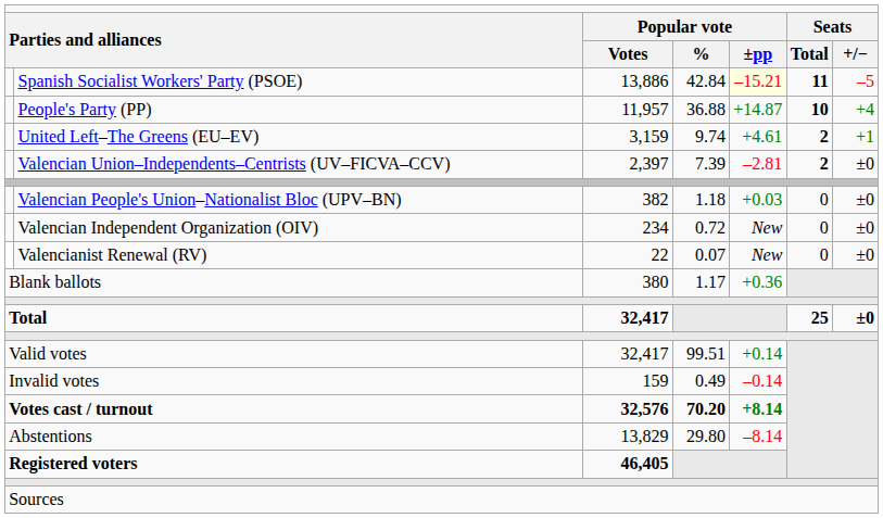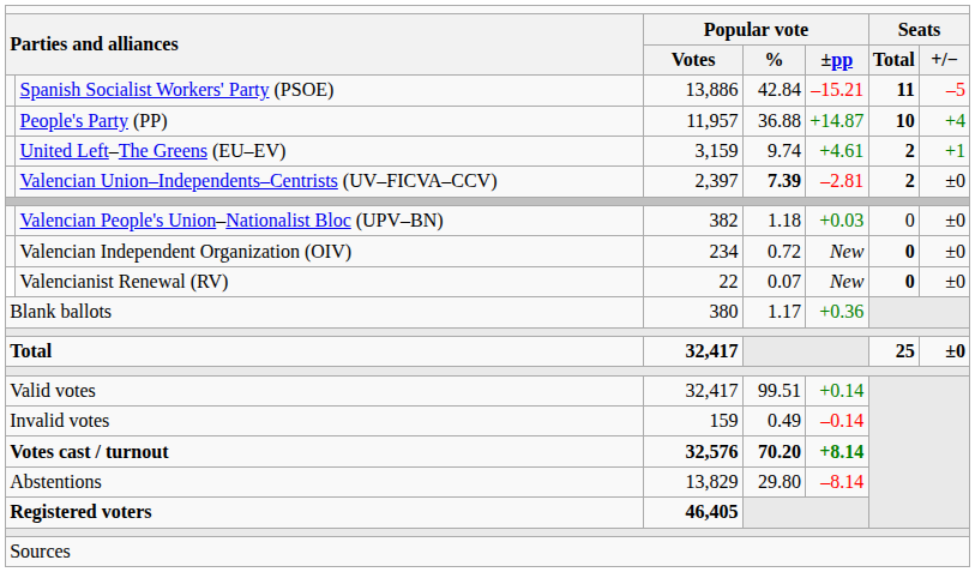 <table class="wikitable" style="text-align:right;">
 <tr>
 <td colspan="7"></td>
 </tr>
 <tr>
 <th style="text-align:left;" rowspan="2" colspan="2" width="525">Parties and alliances</th>
 <th colspan="3">Popular vote</th>
 <th colspan="2">Seats</th>
 </tr>
 <tr>
 <th width="75">Votes</th>
 <th width="45">%</th>
 <th width="45">±<a href='#'>pp</a></th>
 <th width="35">Total</th>
 <th width="35">+/−</th>
 </tr>
 <tr>
 <td width="1" style="color:inherit;background:"></td>
 <td align="left"><a href='#'>Spanish Socialist Workers' Party</a> (PSOE)</td>
 <td>13,886</td>
 <td>42.84</td>
-<td style="background: lightyellow; color:red;">–15.21</td>
+<td style="color:red;">–15.21</td>
 <td><strong>11</strong></td>
 <td style="color:red;">–5</td>
 </tr>
 <tr>
 <td style="color:inherit;background:"></td>
 <td align="left"><a href='#'>People's Party</a> (PP)</td>
 <td>11,957</td>
 <td>36.88</td>
 <td style="color:green;">+14.87</td>
 <td><strong>10</strong></td>
 <td style="color:green;">+4</td>
 </tr>
 <tr>
 <td style="color:inherit;background:"></td>
 <td align="left"><a href='#'>United Left</a>–<a href='#'>The Greens</a> (EU–EV)</td>
 <td>3,159</td>
 <td>9.74</td>
 <td style="color:green;">+4.61</td>
 <td><strong>2</strong></td>
 <td style="color:green;">+1</td>
 </tr>
 <tr>
 <td style="color:inherit;background:"></td>
 <td align="left"><a href='#'>Valencian Union–Independents–Centrists</a> (UV–FICVA–CCV)</td>
 <td>2,397</td>
-<td>7.39</td>
+<td><strong>7.39</strong></td>
 <td style="color:red;">–2.81</td>
 <td><strong>2</strong></td>
 <td>±0</td>
 </tr>
 <tr>
 <td colspan="7" bgcolor="#C0C0C0"></td>
 </tr>
 <tr>
 <td style="color:inherit;background:"></td>
 <td align="left"><a href='#'>Valencian People's Union</a>–<a href='#'>Nationalist Bloc</a> (UPV–BN)</td>
 <td>382</td>
 <td>1.18</td>
 <td style="color:green;">+0.03</td>
 <td>0</td>
 <td>±0</td>
 </tr>
 <tr>
 <td style="color:inherit;background:"></td>
 <td align="left">Valencian Independent Organization (OIV)</td>
 <td>234</td>
 <td>0.72</td>
 <td><em>New</em></td>
-<td>0</td>
+<td><strong>0</strong></td>
 <td>±0</td>
 </tr>
 <tr>
 <td bgcolor="white"></td>
 <td align="left">Valencianist Renewal (RV)</td>
 <td>22</td>
 <td>0.07</td>
 <td><em>New</em></td>
-<td>0</td>
+<td><strong>0</strong></td>
 <td>±0</td>
 </tr>
 <tr>
 <td align="left" colspan="2">Blank ballots</td>
 <td>380</td>
 <td>1.17</td>
 <td style="color:green;">+0.36</td>
 <td bgcolor="#E9E9E9" colspan="2"></td>
 </tr>
 <tr>
 <td colspan="7" bgcolor="#E9E9E9"></td>
 </tr>
 <tr style="font-weight:bold;">
 <td align="left" colspan="2">Total</td>
 <td>32,417</td>
 <td bgcolor="#E9E9E9" colspan="2"></td>
 <td>25</td>
 <td>±0</td>
 </tr>
 <tr>
 <td colspan="7" bgcolor="#E9E9E9"></td>
 </tr>
 <tr>
 <td align="left" colspan="2">Valid votes</td>
 <td>32,417</td>
 <td>99.51</td>
 <td style="color:green;">+0.14</td>
 <td bgcolor="#E9E9E9" colspan="2" rowspan="5"></td>
 </tr>
 <tr>
 <td align="left" colspan="2">Invalid votes</td>
 <td>159</td>
 <td>0.49</td>
 <td style="color:red;">–0.14</td>
 </tr>
 <tr style="font-weight:bold;">
 <td align="left" colspan="2">Votes cast / turnout</td>
 <td>32,576</td>
 <td>70.20</td>
 <td style="color:green;">+8.14</td>
 </tr>
 <tr>
 <td align="left" colspan="2">Abstentions</td>
 <td>13,829</td>
 <td>29.80</td>
 <td style="color:red;">–8.14</td>
 </tr>
 <tr style="font-weight:bold;">
 <td align="left" colspan="2">Registered voters</td>
 <td>46,405</td>
 <td bgcolor="#E9E9E9" colspan="2"></td>
 </tr>
 <tr>
 <td colspan="7" bgcolor="#E9E9E9"></td>
 </tr>
 <tr>
 <td align="left" colspan="7">Sources</td>
 </tr>
 </table>
